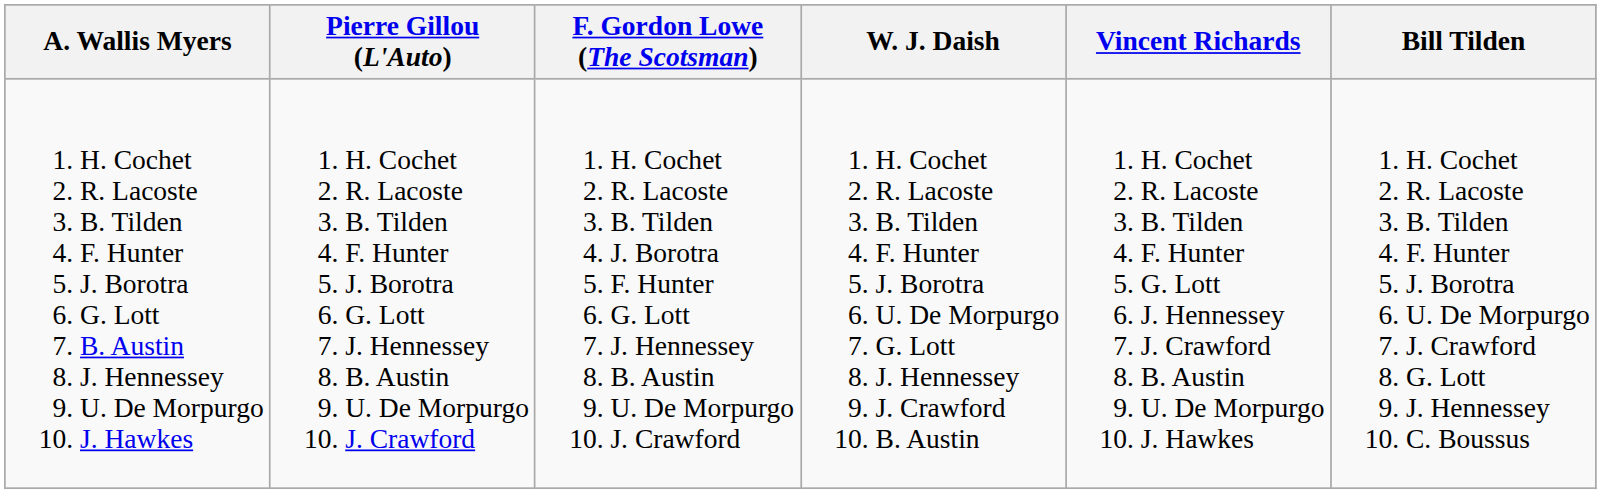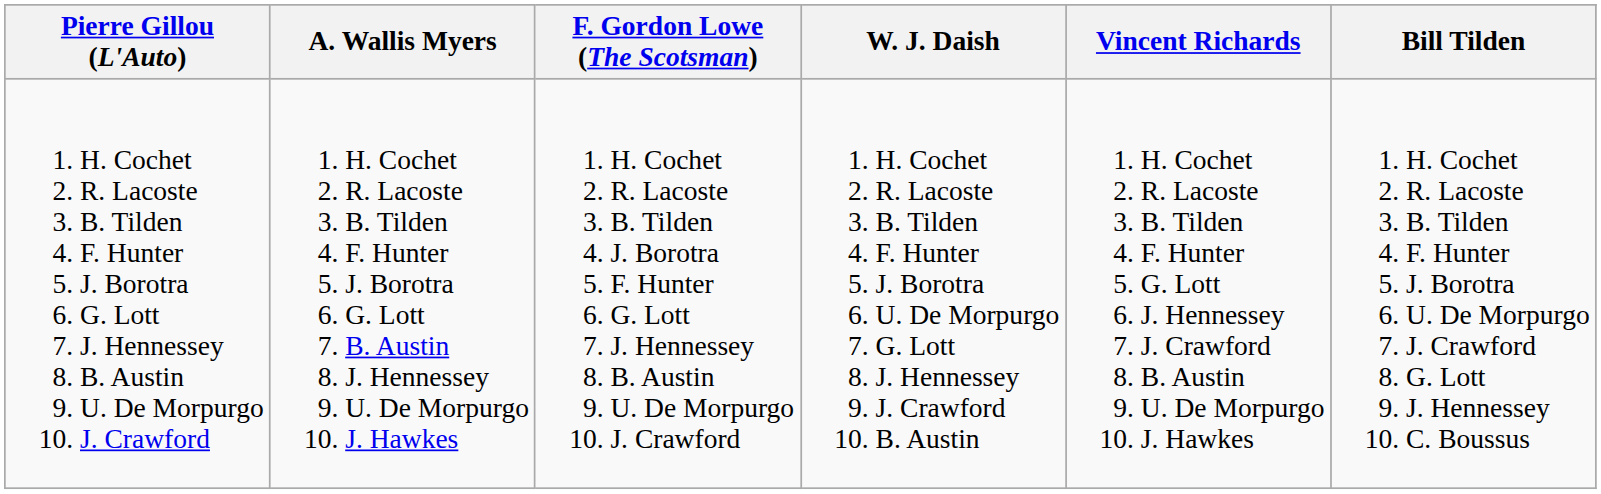 <table class="wikitable">
 <tr>
+<th><a href='#'>Pierre Gillou</a><br>(<em>L'Auto</em>)</th>
 <th>A. Wallis Myers</th>
-<th><a href='#'>Pierre Gillou</a><br>(<em>L'Auto</em>)</th>
 <th><a href='#'>F. Gordon Lowe</a><br>(<em><a href='#'>The Scotsman</a></em>)</th>
 <th>W. J. Daish</th>
 <th><a href='#'>Vincent Richards</a></th>
 <th>Bill Tilden</th>
 </tr>
 <tr style="vertical-align: top;">
+<td style="white-space: nowrap;"><br><ol><li> H. Cochet</li><li> R. Lacoste</li><li> B. Tilden</li><li> F. Hunter</li><li> J. Borotra</li><li> G. Lott</li><li> J. Hennessey</li><li> B. Austin</li><li> U. De Morpurgo</li><li> <a href='#'>J. Crawford</a></li></ol></td>
 <td style="white-space: nowrap;"><br><ol><li> H. Cochet</li><li> R. Lacoste</li><li> B. Tilden</li><li> F. Hunter</li><li> J. Borotra</li><li> G. Lott</li><li> <a href='#'>B. Austin</a></li><li> J. Hennessey</li><li> U. De Morpurgo</li><li> <a href='#'>J. Hawkes</a></li></ol></td>
-<td style="white-space: nowrap;"><br><ol><li> H. Cochet</li><li> R. Lacoste</li><li> B. Tilden</li><li> F. Hunter</li><li> J. Borotra</li><li> G. Lott</li><li> J. Hennessey</li><li> B. Austin</li><li> U. De Morpurgo</li><li> <a href='#'>J. Crawford</a></li></ol></td>
 <td style="white-space: nowrap;"><br><ol><li> H. Cochet</li><li> R. Lacoste</li><li> B. Tilden</li><li> J. Borotra</li><li> F. Hunter</li><li> G. Lott</li><li> J. Hennessey</li><li> B. Austin</li><li> U. De Morpurgo</li><li> J. Crawford</li></ol></td>
 <td style="white-space: nowrap;"><br><ol><li> H. Cochet</li><li> R. Lacoste</li><li> B. Tilden</li><li> F. Hunter</li><li> J. Borotra</li><li> U. De Morpurgo</li><li> G. Lott</li><li> J. Hennessey</li><li> J. Crawford</li><li> B. Austin</li></ol></td>
 <td style="white-space: nowrap;"><br><ol><li> H. Cochet</li><li> R. Lacoste</li><li> B. Tilden</li><li> F. Hunter</li><li> G. Lott</li><li> J. Hennessey</li><li> J. Crawford</li><li> B. Austin</li><li> U. De Morpurgo</li><li> J. Hawkes</li></ol></td>
 <td style="white-space: nowrap;"><br><ol><li> H. Cochet</li><li> R. Lacoste</li><li> B. Tilden</li><li> F. Hunter</li><li> J. Borotra</li><li> U. De Morpurgo</li><li> J. Crawford</li><li> G. Lott</li><li> J. Hennessey</li><li> C. Boussus</li></ol></td>
 </tr>
 </table>
